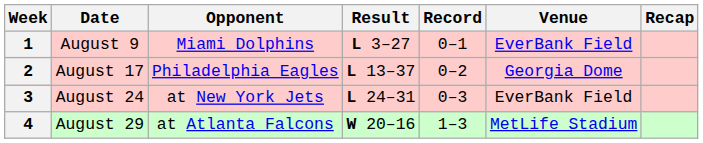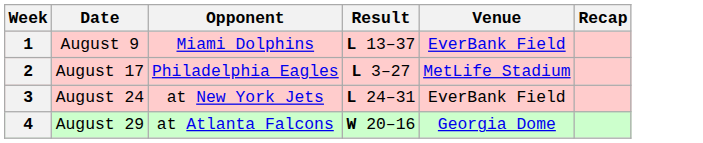 <table class="wikitable" style="text-align:center">
 <tr>
 <th>Week</th>
 <th>Date</th>
 <th>Opponent</th>
 <th>Result</th>
-<th>Record</th>
 <th>Venue</th>
 <th>Recap</th>
 </tr>
 <tr style="background:#fcc;">
 <th>1</th>
 <td>August 9</td>
 <td><a href='#'>Miami Dolphins</a></td>
-<td><strong>L</strong> 3–27</td>
-<td>0–1</td>
+<td><strong>L</strong> 13–37</td>
 <td><a href='#'>EverBank Field</a></td>
 <td></td>
 </tr>
 <tr style="background:#fcc;">
 <th>2</th>
 <td>August 17</td>
 <td><a href='#'>Philadelphia Eagles</a></td>
-<td><strong>L</strong> 13–37</td>
-<td>0–2</td>
-<td><a href='#'>Georgia Dome</a></td>
+<td><strong>L</strong> 3–27</td>
+<td><a href='#'>MetLife Stadium</a></td>
 <td></td>
 </tr>
 <tr style="background:#fcc;">
 <th>3</th>
 <td>August 24</td>
 <td>at <a href='#'>New York Jets</a></td>
 <td><strong>L</strong> 24–31</td>
-<td>0–3</td>
 <td>EverBank Field</td>
 <td></td>
 </tr>
 <tr style="background:#cfc;">
 <th>4</th>
 <td>August 29</td>
 <td>at <a href='#'>Atlanta Falcons</a></td>
 <td><strong>W</strong> 20–16</td>
-<td>1–3</td>
-<td><a href='#'>MetLife Stadium</a></td>
+<td><a href='#'>Georgia Dome</a></td>
 <td></td>
 </tr>
 </table>
